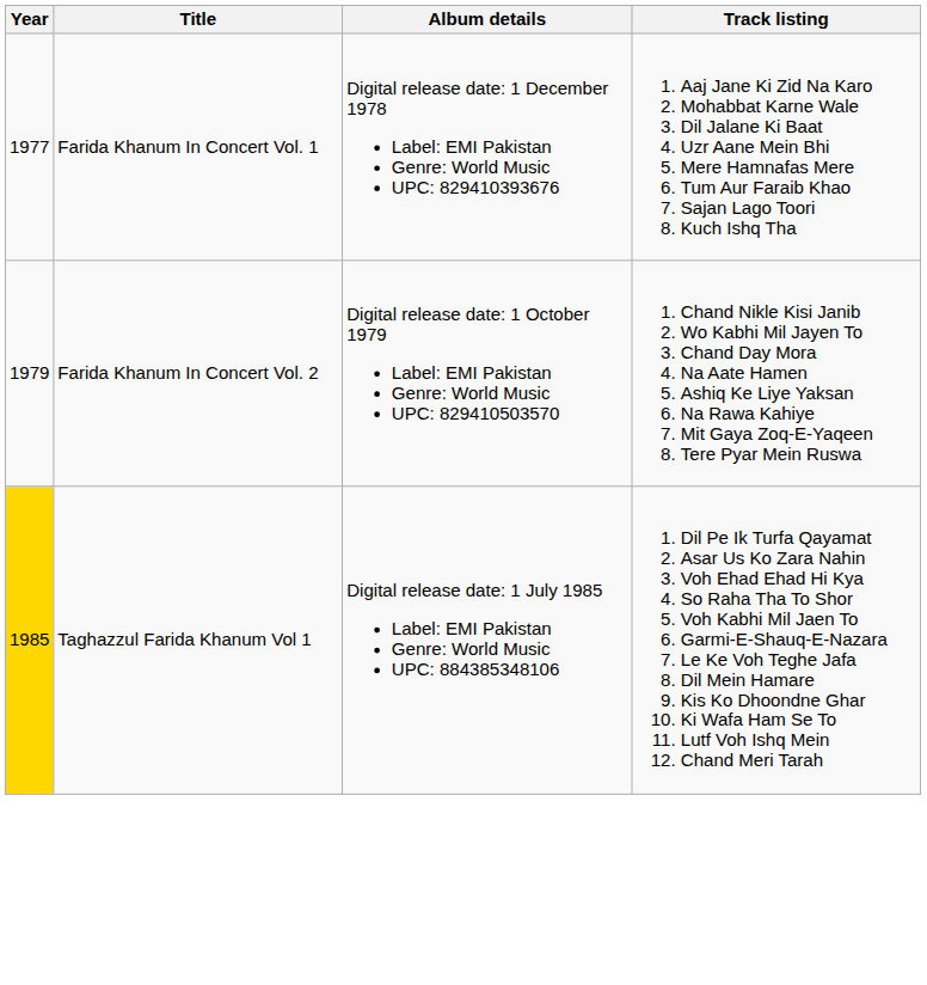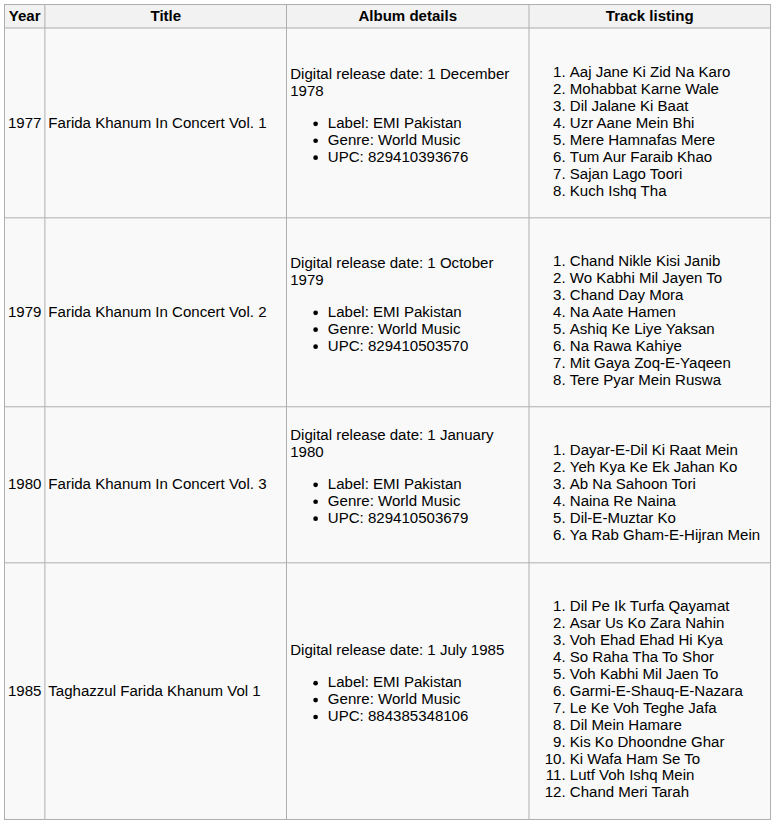 <table class="wikitable">
 <tr>
 <th rowspan="">Year</th>
 <th rowspan="" width="250">Title</th>
 <th rowspan="" width="250">Album details</th>
 <th rowspan="" width="250">Track listing</th>
 </tr>
 <tr>
 <td>1977</td>
 <td>Farida Khanum In Concert Vol. 1</td>
 <td>Digital release date: 1 December 1978<br><ul><li>Label: EMI Pakistan</li><li>Genre: World Music</li><li>UPC: 829410393676</li></ul></td>
 <td><br><ol><li>Aaj Jane Ki Zid Na Karo</li><li>Mohabbat Karne Wale</li><li>Dil Jalane Ki Baat</li><li>Uzr Aane Mein Bhi</li><li>Mere Hamnafas Mere</li><li>Tum Aur Faraib Khao</li><li>Sajan Lago Toori</li><li>Kuch Ishq Tha</li></ol></td>
 </tr>
 <tr>
 <td>1979</td>
 <td>Farida Khanum In Concert Vol. 2</td>
 <td>Digital release date: 1 October 1979<br><ul><li>Label: EMI Pakistan</li><li>Genre: World Music</li><li>UPC: 829410503570</li></ul></td>
 <td><br><ol><li>Chand Nikle Kisi Janib</li><li>Wo Kabhi Mil Jayen To</li><li>Chand Day Mora</li><li>Na Aate Hamen</li><li>Ashiq Ke Liye Yaksan</li><li>Na Rawa Kahiye</li><li>Mit Gaya Zoq-E-Yaqeen</li><li>Tere Pyar Mein Ruswa</li></ol></td>
 </tr>
 <tr>
-<td style="background: gold;">1985</td>
+<td>1980</td>
+<td>Farida Khanum In Concert Vol. 3</td>
+<td>Digital release date: 1 January 1980<br><ul><li>Label: EMI Pakistan</li><li>Genre: World Music</li><li>UPC: 829410503679</li></ul></td>
+<td><br><ol><li>Dayar-E-Dil Ki Raat Mein</li><li>Yeh Kya Ke Ek Jahan Ko</li><li>Ab Na Sahoon Tori</li><li>Naina Re Naina</li><li>Dil-E-Muztar Ko</li><li>Ya Rab Gham-E-Hijran Mein</li></ol></td>
+</tr>
+<tr>
+<td>1985</td>
 <td>Taghazzul Farida Khanum Vol 1</td>
 <td>Digital release date: 1 July 1985<br><ul><li>Label: EMI Pakistan</li><li>Genre: World Music</li><li>UPC: 884385348106</li></ul></td>
 <td><br><ol><li>Dil Pe Ik Turfa Qayamat</li><li>Asar Us Ko Zara Nahin</li><li>Voh Ehad Ehad Hi Kya</li><li>So Raha Tha To Shor</li><li>Voh Kabhi Mil Jaen To</li><li>Garmi-E-Shauq-E-Nazara</li><li>Le Ke Voh Teghe Jafa</li><li>Dil Mein Hamare</li><li>Kis Ko Dhoondne Ghar</li><li>Ki Wafa Ham Se To</li><li>Lutf Voh Ishq Mein</li><li>Chand Meri Tarah</li></ol></td>
 </tr>
 </table>
